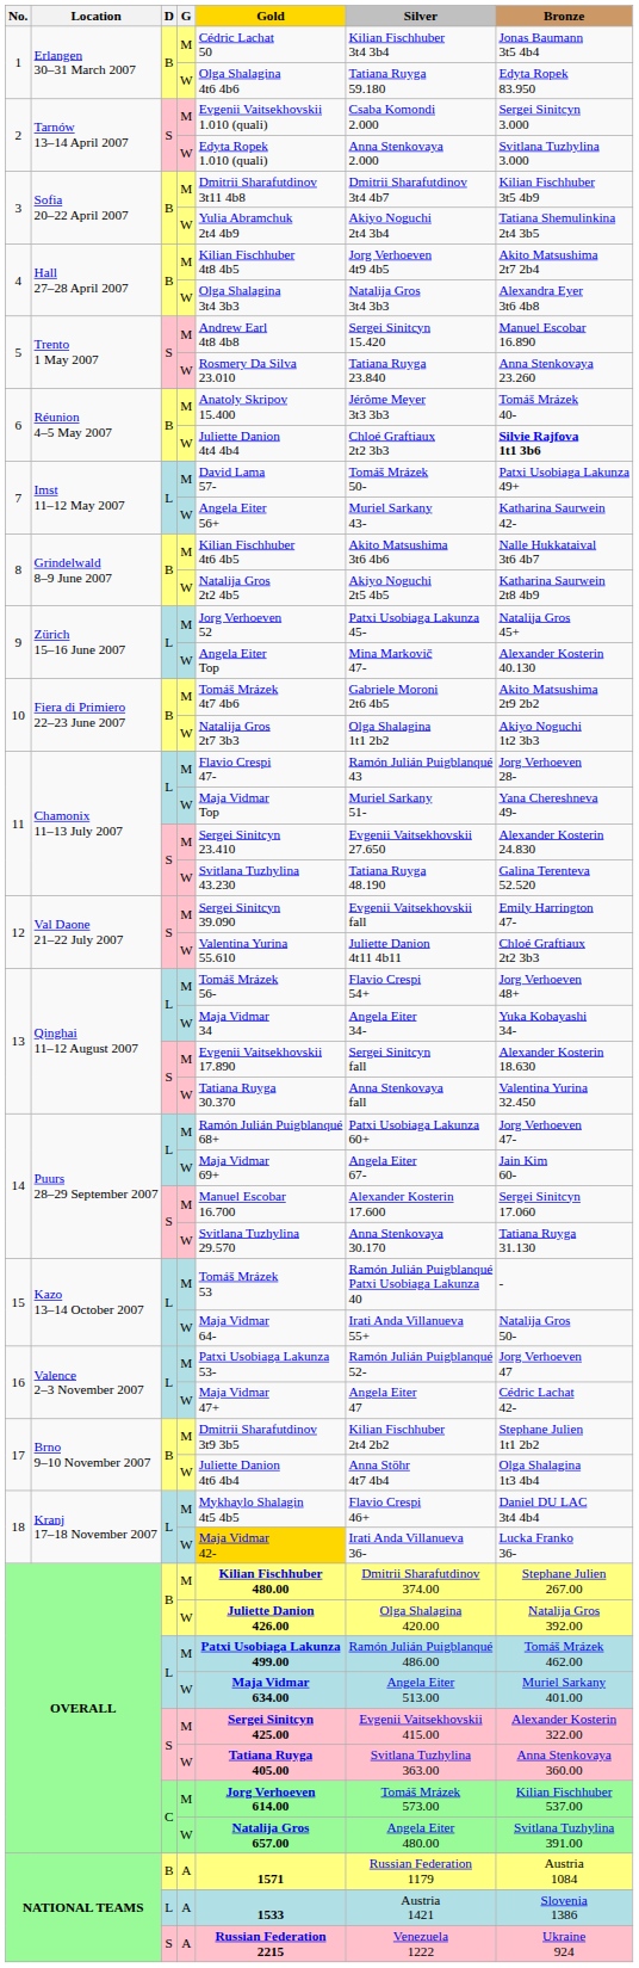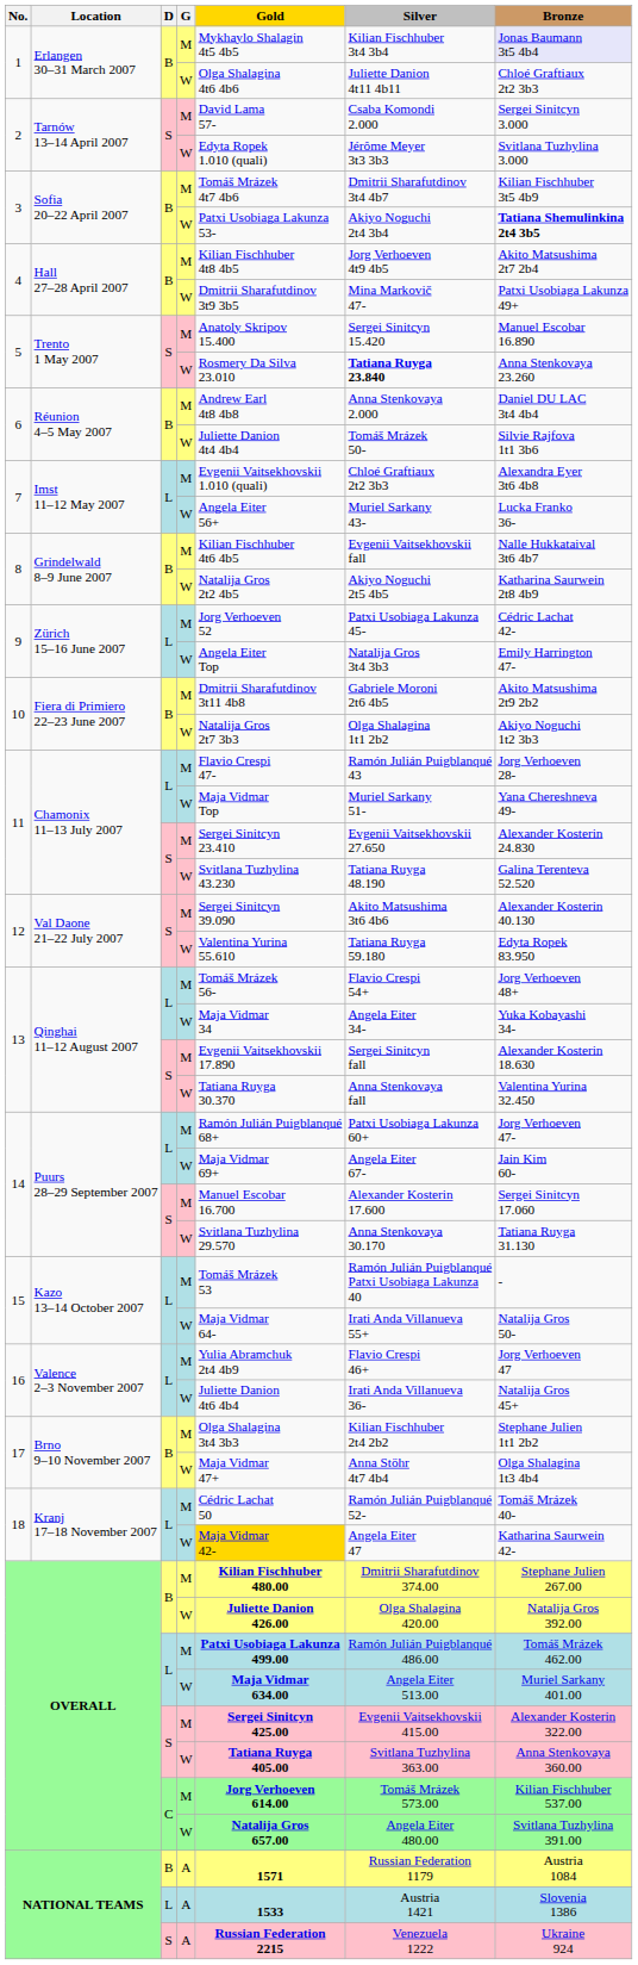 <table class="wikitable sortable">
 <tr>
 <th>No.</th>
 <th>Location</th>
 <th>D</th>
 <th>G</th>
 <th style="background: gold">Gold</th>
 <th style="background: silver">Silver</th>
 <th style="background: #cc9966">Bronze</th>
 </tr>
 <tr>
 <td rowspan=2 align="center">1</td>
 <td rowspan=2> <a href='#'>Erlangen</a> <br> 30–31 March 2007</td>
 <td rowspan=2 align="center" style="background: #ffff80">B</td>
 <td align="center" style="background: #ffff80">M</td>
-<td> <a href='#'>Cédric Lachat</a> <br> 50</td>
+<td> <a href='#'>Mykhaylo Shalagin</a> <br> 4t5 4b5</td>
 <td> <a href='#'>Kilian Fischhuber</a> <br> 3t4 3b4</td>
-<td> <a href='#'>Jonas Baumann</a> <br> 3t5 4b4</td>
+<td style="background: lavender;"> <a href='#'>Jonas Baumann</a> <br> 3t5 4b4</td>
 </tr>
 <tr>
 <td align="center" style="background: #ffff80">W</td>
 <td> <a href='#'>Olga Shalagina</a> <br> 4t6 4b6</td>
-<td> <a href='#'>Tatiana Ruyga</a> <br> 59.180</td>
-<td> <a href='#'>Edyta Ropek</a> <br> 83.950</td>
+<td> <a href='#'>Juliette Danion</a> <br> 4t11 4b11</td>
+<td> <a href='#'>Chloé Graftiaux</a> <br> 2t2 3b3</td>
 </tr>
 <tr>
 <td rowspan=2 align="center">2</td>
 <td rowspan=2> <a href='#'>Tarnów</a> <br> 13–14 April 2007</td>
 <td rowspan=2 align="center" style="background: Pink">S</td>
 <td align="center" style="background: Pink">M</td>
-<td> <a href='#'>Evgenii Vaitsekhovskii</a> <br> 1.010 (quali)</td>
+<td> <a href='#'>David Lama</a> <br> 57-</td>
 <td> <a href='#'>Csaba Komondi</a> <br> 2.000</td>
 <td> <a href='#'>Sergei Sinitcyn</a> <br> 3.000</td>
 </tr>
 <tr>
 <td align="center" style="background: Pink">W</td>
 <td> <a href='#'>Edyta Ropek</a> <br> 1.010 (quali)</td>
-<td> <a href='#'>Anna Stenkovaya</a> <br> 2.000</td>
+<td> <a href='#'>Jérôme Meyer</a> <br> 3t3 3b3</td>
 <td> <a href='#'>Svitlana Tuzhylina</a> <br> 3.000</td>
 </tr>
 <tr>
 <td rowspan=2 align="center">3</td>
 <td rowspan=2> <a href='#'>Sofia</a> <br> 20–22 April 2007</td>
 <td rowspan=2  align="center" style="background: #ffff80">B</td>
 <td align="center" style="background: #ffff80">M</td>
-<td> <a href='#'>Dmitrii Sharafutdinov</a> <br> 3t11 4b8</td>
+<td> <a href='#'>Tomáš Mrázek</a> <br> 4t7 4b6</td>
 <td> <a href='#'>Dmitrii Sharafutdinov</a> <br> 3t4 4b7</td>
 <td> <a href='#'>Kilian Fischhuber</a> <br> 3t5 4b9</td>
 </tr>
 <tr>
 <td align="center" style="background: #ffff80">W</td>
-<td> <a href='#'>Yulia Abramchuk</a> <br> 2t4 4b9</td>
+<td> <a href='#'>Patxi Usobiaga Lakunza</a> <br> 53-</td>
 <td> <a href='#'>Akiyo Noguchi</a> <br> 2t4 3b4</td>
-<td> <a href='#'>Tatiana Shemulinkina</a> <br> 2t4 3b5</td>
+<td><strong> <a href='#'>Tatiana Shemulinkina</a> <br> 2t4 3b5</strong></td>
 </tr>
 <tr>
 <td rowspan=2 align="center">4</td>
 <td rowspan=2> <a href='#'>Hall</a> <br> 27–28 April 2007</td>
 <td rowspan=2 align="center" style="background: #ffff80">B</td>
 <td align="center" style="background: #ffff80">M</td>
 <td> <a href='#'>Kilian Fischhuber</a> <br> 4t8 4b5</td>
 <td> <a href='#'>Jorg Verhoeven</a> <br> 4t9 4b5</td>
 <td> <a href='#'>Akito Matsushima</a> <br> 2t7 2b4</td>
 </tr>
 <tr>
 <td align="center" style="background: #ffff80">W</td>
-<td> <a href='#'>Olga Shalagina</a> <br> 3t4 3b3</td>
-<td> <a href='#'>Natalija Gros</a> <br> 3t4 3b3</td>
-<td> <a href='#'>Alexandra Eyer</a> <br> 3t6 4b8</td>
+<td> <a href='#'>Dmitrii Sharafutdinov</a> <br> 3t9 3b5</td>
+<td> <a href='#'>Mina Markovič</a> <br> 47-</td>
+<td> <a href='#'>Patxi Usobiaga Lakunza</a> <br> 49+</td>
 </tr>
 <tr>
 <td rowspan=2 align="center">5</td>
 <td rowspan=2> <a href='#'>Trento</a> <br> 1 May 2007</td>
 <td rowspan=2 align="center" style="background: Pink">S</td>
 <td align="center" style="background: Pink">M</td>
-<td> <a href='#'>Andrew Earl</a> <br> 4t8 4b8</td>
+<td> <a href='#'>Anatoly Skripov</a> <br> 15.400</td>
 <td> <a href='#'>Sergei Sinitcyn</a> <br> 15.420</td>
 <td> <a href='#'>Manuel Escobar</a> <br> 16.890</td>
 </tr>
 <tr>
 <td align="center" style="background: Pink">W</td>
 <td> <a href='#'>Rosmery Da Silva</a> <br> 23.010</td>
-<td> <a href='#'>Tatiana Ruyga</a> <br> 23.840</td>
+<td><strong> <a href='#'>Tatiana Ruyga</a> <br> 23.840</strong></td>
 <td> <a href='#'>Anna Stenkovaya</a> <br> 23.260</td>
 </tr>
 <tr>
 <td rowspan=2 align="center">6</td>
 <td rowspan=2> <a href='#'>Réunion</a> <br> 4–5 May 2007</td>
 <td rowspan=2  align="center" style="background: #ffff80">B</td>
 <td align="center" style="background: #ffff80">M</td>
-<td> <a href='#'>Anatoly Skripov</a> <br> 15.400</td>
-<td> <a href='#'>Jérôme Meyer</a> <br> 3t3 3b3</td>
-<td> <a href='#'>Tomáš Mrázek</a> <br> 40-</td>
+<td> <a href='#'>Andrew Earl</a> <br> 4t8 4b8</td>
+<td> <a href='#'>Anna Stenkovaya</a> <br> 2.000</td>
+<td> <a href='#'>Daniel DU LAC</a> <br> 3t4 4b4</td>
 </tr>
 <tr>
 <td align="center" style="background: #ffff80">W</td>
 <td> <a href='#'>Juliette Danion</a> <br> 4t4 4b4</td>
-<td> <a href='#'>Chloé Graftiaux</a> <br> 2t2 3b3</td>
-<td><strong> <a href='#'>Silvie Rajfova</a> <br> 1t1 3b6</strong></td>
+<td> <a href='#'>Tomáš Mrázek</a> <br> 50-</td>
+<td> <a href='#'>Silvie Rajfova</a> <br> 1t1 3b6</td>
 </tr>
 <tr>
 <td rowspan=2 align="center">7</td>
 <td rowspan=2> <a href='#'>Imst</a> <br> 11–12 May 2007</td>
 <td rowspan=2 align="center" style="background: PowderBlue">L</td>
 <td align="center" style="background: PowderBlue">M</td>
-<td> <a href='#'>David Lama</a> <br> 57-</td>
-<td> <a href='#'>Tomáš Mrázek</a> <br> 50-</td>
-<td> <a href='#'>Patxi Usobiaga Lakunza</a> <br> 49+</td>
+<td> <a href='#'>Evgenii Vaitsekhovskii</a> <br> 1.010 (quali)</td>
+<td> <a href='#'>Chloé Graftiaux</a> <br> 2t2 3b3</td>
+<td> <a href='#'>Alexandra Eyer</a> <br> 3t6 4b8</td>
 </tr>
 <tr>
 <td align="center" style="background: PowderBlue">W</td>
 <td> <a href='#'>Angela Eiter</a> <br> 56+</td>
 <td> <a href='#'>Muriel Sarkany</a> <br> 43-</td>
-<td> <a href='#'>Katharina Saurwein</a> <br> 42-</td>
+<td> <a href='#'>Lucka Franko</a> <br> 36-</td>
 </tr>
 <tr>
 <td rowspan=2 align="center">8</td>
 <td rowspan=2> <a href='#'>Grindelwald</a> <br> 8–9 June 2007</td>
 <td rowspan=2 align="center" style="background: #ffff80">B</td>
 <td align="center" style="background: #ffff80">M</td>
 <td> <a href='#'>Kilian Fischhuber</a> <br> 4t6 4b5</td>
-<td> <a href='#'>Akito Matsushima</a> <br> 3t6 4b6</td>
+<td> <a href='#'>Evgenii Vaitsekhovskii</a> <br> fall</td>
 <td> <a href='#'>Nalle Hukkataival</a> <br> 3t6 4b7</td>
 </tr>
 <tr>
 <td align="center" style="background: #ffff80">W</td>
 <td> <a href='#'>Natalija Gros</a> <br> 2t2 4b5</td>
 <td> <a href='#'>Akiyo Noguchi</a> <br> 2t5 4b5</td>
 <td> <a href='#'>Katharina Saurwein</a> <br> 2t8 4b9</td>
 </tr>
 <tr>
 <td rowspan=2 align="center">9</td>
 <td rowspan=2> <a href='#'>Zürich</a> <br> 15–16 June 2007</td>
 <td rowspan=2 align="center" style="background: PowderBlue">L</td>
 <td align="center" style="background: PowderBlue">M</td>
 <td> <a href='#'>Jorg Verhoeven</a> <br> 52</td>
 <td> <a href='#'>Patxi Usobiaga Lakunza</a> <br> 45-</td>
-<td> <a href='#'>Natalija Gros</a> <br> 45+</td>
+<td> <a href='#'>Cédric Lachat</a> <br> 42-</td>
 </tr>
 <tr>
 <td align="center" style="background: PowderBlue">W</td>
 <td> <a href='#'>Angela Eiter</a> <br> Top</td>
-<td> <a href='#'>Mina Markovič</a> <br> 47-</td>
-<td> <a href='#'>Alexander Kosterin</a> <br> 40.130</td>
+<td> <a href='#'>Natalija Gros</a> <br> 3t4 3b3</td>
+<td> <a href='#'>Emily Harrington</a> <br> 47-</td>
 </tr>
 <tr>
 <td rowspan=2 align="center">10</td>
 <td rowspan=2> <a href='#'>Fiera di Primiero</a> <br> 22–23 June 2007</td>
 <td rowspan=2 align="center" style="background: #ffff80">B</td>
 <td align="center" style="background: #ffff80">M</td>
-<td> <a href='#'>Tomáš Mrázek</a> <br> 4t7 4b6</td>
+<td> <a href='#'>Dmitrii Sharafutdinov</a> <br> 3t11 4b8</td>
 <td> <a href='#'>Gabriele Moroni</a> <br> 2t6 4b5</td>
 <td> <a href='#'>Akito Matsushima</a> <br> 2t9 2b2</td>
 </tr>
 <tr>
 <td align="center" style="background: #ffff80">W</td>
 <td> <a href='#'>Natalija Gros</a> <br> 2t7 3b3</td>
 <td> <a href='#'>Olga Shalagina</a> <br> 1t1 2b2</td>
 <td> <a href='#'>Akiyo Noguchi</a> <br> 1t2 3b3</td>
 </tr>
 <tr>
 <td rowspan=4 align="center">11</td>
 <td rowspan=4> <a href='#'>Chamonix</a> <br> 11–13 July 2007</td>
 <td rowspan=2 align="center" style="background: PowderBlue">L</td>
 <td align="center" style="background: PowderBlue">M</td>
 <td> <a href='#'>Flavio Crespi</a> <br> 47-</td>
 <td> <a href='#'>Ramón Julián Puigblanqué</a> <br> 43</td>
 <td> <a href='#'>Jorg Verhoeven</a> <br> 28-</td>
 </tr>
 <tr>
 <td align="center" style="background: PowderBlue">W</td>
 <td> <a href='#'>Maja Vidmar</a> <br> Top</td>
 <td> <a href='#'>Muriel Sarkany</a> <br> 51-</td>
 <td> <a href='#'>Yana Chereshneva</a> <br> 49-</td>
 </tr>
 <tr>
 <td rowspan=2 align="center" style="background: Pink">S</td>
 <td align="center" style="background: Pink">M</td>
 <td> <a href='#'>Sergei Sinitcyn</a> <br> 23.410</td>
 <td> <a href='#'>Evgenii Vaitsekhovskii</a> <br> 27.650</td>
 <td> <a href='#'>Alexander Kosterin</a> <br> 24.830</td>
 </tr>
 <tr>
 <td align="center" style="background: Pink">W</td>
 <td> <a href='#'>Svitlana Tuzhylina</a> <br> 43.230</td>
 <td> <a href='#'>Tatiana Ruyga</a> <br> 48.190</td>
 <td> <a href='#'>Galina Terenteva</a> <br> 52.520</td>
 </tr>
 <tr>
 <td rowspan=2 align="center">12</td>
 <td rowspan=2> <a href='#'>Val Daone</a> <br> 21–22 July 2007</td>
 <td rowspan=2 align="center" style="background: Pink">S</td>
 <td align="center" style="background: Pink">M</td>
 <td> <a href='#'>Sergei Sinitcyn</a> <br> 39.090</td>
-<td> <a href='#'>Evgenii Vaitsekhovskii</a> <br> fall</td>
-<td> <a href='#'>Emily Harrington</a> <br> 47-</td>
+<td> <a href='#'>Akito Matsushima</a> <br> 3t6 4b6</td>
+<td> <a href='#'>Alexander Kosterin</a> <br> 40.130</td>
 </tr>
 <tr>
 <td align="center" style="background: Pink">W</td>
 <td> <a href='#'>Valentina Yurina</a> <br> 55.610</td>
-<td> <a href='#'>Juliette Danion</a> <br> 4t11 4b11</td>
-<td> <a href='#'>Chloé Graftiaux</a> <br> 2t2 3b3</td>
+<td> <a href='#'>Tatiana Ruyga</a> <br> 59.180</td>
+<td> <a href='#'>Edyta Ropek</a> <br> 83.950</td>
 </tr>
 <tr>
 <td rowspan=4 align="center">13</td>
 <td rowspan=4> <a href='#'>Qinghai</a> <br> 11–12 August 2007</td>
 <td rowspan=2 align="center" style="background: PowderBlue">L</td>
 <td align="center" style="background: PowderBlue">M</td>
 <td> <a href='#'>Tomáš Mrázek</a> <br> 56-</td>
 <td> <a href='#'>Flavio Crespi</a> <br> 54+</td>
 <td> <a href='#'>Jorg Verhoeven</a> <br> 48+</td>
 </tr>
 <tr>
 <td align="center" style="background: PowderBlue">W</td>
 <td> <a href='#'>Maja Vidmar</a> <br> 34</td>
 <td> <a href='#'>Angela Eiter</a> <br> 34-</td>
 <td> <a href='#'>Yuka Kobayashi</a> <br> 34-</td>
 </tr>
 <tr>
 <td rowspan=2 align="center" style="background: Pink">S</td>
 <td align="center" style="background: Pink">M</td>
 <td> <a href='#'>Evgenii Vaitsekhovskii</a> <br> 17.890</td>
 <td> <a href='#'>Sergei Sinitcyn</a> <br> fall</td>
 <td> <a href='#'>Alexander Kosterin</a> <br> 18.630</td>
 </tr>
 <tr>
 <td align="center" style="background: Pink">W</td>
 <td> <a href='#'>Tatiana Ruyga</a> <br> 30.370</td>
 <td> <a href='#'>Anna Stenkovaya</a> <br> fall</td>
 <td> <a href='#'>Valentina Yurina</a> <br> 32.450</td>
 </tr>
 <tr>
 <td rowspan=4 align="center">14</td>
 <td rowspan=4> <a href='#'>Puurs</a> <br> 28–29 September 2007</td>
 <td rowspan=2 align="center" style="background: PowderBlue">L</td>
 <td align="center" style="background: PowderBlue">M</td>
 <td> <a href='#'>Ramón Julián Puigblanqué</a> <br> 68+</td>
 <td> <a href='#'>Patxi Usobiaga Lakunza</a> <br> 60+</td>
 <td> <a href='#'>Jorg Verhoeven</a> <br> 47-</td>
 </tr>
 <tr>
 <td align="center" style="background: PowderBlue">W</td>
 <td> <a href='#'>Maja Vidmar</a> <br> 69+</td>
 <td> <a href='#'>Angela Eiter</a> <br> 67-</td>
 <td> <a href='#'>Jain Kim</a> <br> 60-</td>
 </tr>
 <tr>
 <td rowspan=2 align="center" style="background: Pink">S</td>
 <td align="center" style="background: Pink">M</td>
 <td> <a href='#'>Manuel Escobar</a> <br> 16.700</td>
 <td> <a href='#'>Alexander Kosterin</a> <br> 17.600</td>
 <td> <a href='#'>Sergei Sinitcyn</a> <br> 17.060</td>
 </tr>
 <tr>
 <td align="center" style="background: Pink">W</td>
 <td> <a href='#'>Svitlana Tuzhylina</a> <br> 29.570</td>
 <td> <a href='#'>Anna Stenkovaya</a> <br> 30.170</td>
 <td> <a href='#'>Tatiana Ruyga</a> <br> 31.130</td>
 </tr>
 <tr>
 <td rowspan=2 align="center">15</td>
 <td rowspan=2> <a href='#'>Kazo</a> <br> 13–14 October 2007</td>
 <td rowspan=2 align="center" style="background: PowderBlue">L</td>
 <td align="center" style="background: PowderBlue">M</td>
 <td> <a href='#'>Tomáš Mrázek</a> <br> 53</td>
 <td> <a href='#'>Ramón Julián Puigblanqué</a> <br>  <a href='#'>Patxi Usobiaga Lakunza</a> <br> 40</td>
 <td>-</td>
 </tr>
 <tr>
 <td align="center" style="background: PowderBlue">W</td>
 <td> <a href='#'>Maja Vidmar</a> <br> 64-</td>
 <td> <a href='#'>Irati Anda Villanueva</a> <br> 55+</td>
 <td> <a href='#'>Natalija Gros</a> <br> 50-</td>
 </tr>
 <tr>
 <td rowspan=2 align="center">16</td>
 <td rowspan=2> <a href='#'>Valence</a> <br> 2–3 November 2007</td>
 <td rowspan=2 align="center" style="background: PowderBlue">L</td>
 <td align="center" style="background: PowderBlue">M</td>
-<td> <a href='#'>Patxi Usobiaga Lakunza</a> <br> 53-</td>
-<td> <a href='#'>Ramón Julián Puigblanqué</a> <br> 52-</td>
+<td> <a href='#'>Yulia Abramchuk</a> <br> 2t4 4b9</td>
+<td> <a href='#'>Flavio Crespi</a> <br> 46+</td>
 <td> <a href='#'>Jorg Verhoeven</a> <br> 47</td>
 </tr>
 <tr>
 <td align="center" style="background: PowderBlue">W</td>
-<td> <a href='#'>Maja Vidmar</a> <br> 47+</td>
-<td> <a href='#'>Angela Eiter</a> <br> 47</td>
-<td> <a href='#'>Cédric Lachat</a> <br> 42-</td>
+<td> <a href='#'>Juliette Danion</a> <br> 4t6 4b4</td>
+<td> <a href='#'>Irati Anda Villanueva</a> <br> 36-</td>
+<td> <a href='#'>Natalija Gros</a> <br> 45+</td>
 </tr>
 <tr>
 <td rowspan=2 align="center">17</td>
 <td rowspan=2> <a href='#'>Brno</a> <br> 9–10 November 2007</td>
 <td rowspan=2  align="center" style="background: #ffff80">B</td>
 <td align="center" style="background: #ffff80">M</td>
-<td> <a href='#'>Dmitrii Sharafutdinov</a> <br> 3t9 3b5</td>
+<td> <a href='#'>Olga Shalagina</a> <br> 3t4 3b3</td>
 <td> <a href='#'>Kilian Fischhuber</a> <br> 2t4 2b2</td>
 <td> <a href='#'>Stephane Julien</a> <br> 1t1 2b2</td>
 </tr>
 <tr>
 <td align="center" style="background: #ffff80">W</td>
-<td> <a href='#'>Juliette Danion</a> <br> 4t6 4b4</td>
+<td> <a href='#'>Maja Vidmar</a> <br> 47+</td>
 <td> <a href='#'>Anna Stöhr</a> <br> 4t7 4b4</td>
 <td> <a href='#'>Olga Shalagina</a> <br> 1t3 4b4</td>
 </tr>
 <tr>
 <td rowspan=2 align="center">18</td>
 <td rowspan=2> <a href='#'>Kranj</a> <br> 17–18 November 2007</td>
 <td rowspan=2 align="center" style="background: PowderBlue">L</td>
 <td align="center" style="background: PowderBlue">M</td>
-<td> <a href='#'>Mykhaylo Shalagin</a> <br> 4t5 4b5</td>
-<td> <a href='#'>Flavio Crespi</a> <br> 46+</td>
-<td> <a href='#'>Daniel DU LAC</a> <br> 3t4 4b4</td>
+<td> <a href='#'>Cédric Lachat</a> <br> 50</td>
+<td> <a href='#'>Ramón Julián Puigblanqué</a> <br> 52-</td>
+<td> <a href='#'>Tomáš Mrázek</a> <br> 40-</td>
 </tr>
 <tr>
 <td align="center" style="background: PowderBlue">W</td>
 <td style="background: gold;"> <a href='#'>Maja Vidmar</a> <br> 42-</td>
-<td> <a href='#'>Irati Anda Villanueva</a> <br> 36-</td>
-<td> <a href='#'>Lucka Franko</a> <br> 36-</td>
+<td> <a href='#'>Angela Eiter</a> <br> 47</td>
+<td> <a href='#'>Katharina Saurwein</a> <br> 42-</td>
 </tr>
 <tr>
 <td align="center" style="background:#98FB98" colspan=2 rowspan=8><strong>OVERALL</strong></td>
 <td rowspan=2 align="center" style="background: #ffff80">B</td>
 <td align="center" style="background: #ffff80">M</td>
 <td align="center" style="background: #ffff80"><strong> <a href='#'>Kilian Fischhuber</a> <br> 480.00</strong></td>
 <td align="center" style="background: #ffff80"> <a href='#'>Dmitrii Sharafutdinov</a> <br> 374.00</td>
 <td align="center" style="background: #ffff80"> <a href='#'>Stephane Julien</a> <br> 267.00</td>
 </tr>
 <tr>
 <td align="center" style="background: #ffff80">W</td>
 <td align="center" style="background: #ffff80"><strong> <a href='#'>Juliette Danion</a> <br> 426.00</strong></td>
 <td align="center" style="background: #ffff80"> <a href='#'>Olga Shalagina</a> <br> 420.00</td>
 <td align="center" style="background: #ffff80"> <a href='#'>Natalija Gros</a> <br> 392.00</td>
 </tr>
 <tr>
 <td rowspan=2 align="center" style="background: PowderBlue">L</td>
 <td align="center" style="background: PowderBlue">M</td>
 <td align="center" style="background: PowderBlue"><strong> <a href='#'>Patxi Usobiaga Lakunza</a> <br> 499.00</strong></td>
 <td align="center" style="background: PowderBlue"> <a href='#'>Ramón Julián Puigblanqué</a> <br> 486.00</td>
 <td align="center" style="background: PowderBlue"> <a href='#'>Tomáš Mrázek</a> <br> 462.00</td>
 </tr>
 <tr>
 <td align="center" style="background: PowderBlue">W</td>
 <td align="center" style="background: PowderBlue"><strong> <a href='#'>Maja Vidmar</a> <br> 634.00</strong></td>
 <td align="center" style="background: PowderBlue"> <a href='#'>Angela Eiter</a> <br> 513.00</td>
 <td align="center" style="background: PowderBlue"> <a href='#'>Muriel Sarkany</a> <br> 401.00</td>
 </tr>
 <tr>
 <td rowspan=2 align="center" style="background: Pink">S</td>
 <td align="center" style="background: Pink">M</td>
 <td align="center" style="background: Pink"><strong> <a href='#'>Sergei Sinitcyn</a> <br> 425.00</strong></td>
 <td align="center" style="background: Pink"> <a href='#'>Evgenii Vaitsekhovskii</a> <br> 415.00</td>
 <td align="center" style="background: Pink"> <a href='#'>Alexander Kosterin</a> <br> 322.00</td>
 </tr>
 <tr>
 <td align="center" style="background: Pink">W</td>
 <td align="center" style="background: Pink"><strong> <a href='#'>Tatiana Ruyga</a> <br> 405.00</strong></td>
 <td align="center" style="background: Pink"> <a href='#'>Svitlana Tuzhylina</a> <br> 363.00</td>
 <td align="center" style="background: Pink"> <a href='#'>Anna Stenkovaya</a> <br> 360.00</td>
 </tr>
 <tr>
 <td rowspan=2 align="center" style="background:#98FB98">C</td>
 <td align="center" style="background:#98FB98">M</td>
 <td align="center" style="background:#98FB98"><strong> <a href='#'>Jorg Verhoeven</a> <br> 614.00</strong></td>
 <td align="center" style="background:#98FB98"> <a href='#'>Tomáš Mrázek</a> <br> 573.00</td>
 <td align="center" style="background:#98FB98"> <a href='#'>Kilian Fischhuber</a> <br> 537.00</td>
 </tr>
 <tr>
 <td align="center" style="background:#98FB98">W</td>
 <td align="center" style="background:#98FB98"><strong> <a href='#'>Natalija Gros</a> <br> 657.00</strong></td>
 <td align="center" style="background:#98FB98"> <a href='#'>Angela Eiter</a> <br> 480.00</td>
 <td align="center" style="background:#98FB98"> <a href='#'>Svitlana Tuzhylina</a> <br> 391.00</td>
 </tr>
 <tr>
 <td align="center" style="background:#98FB98" colspan=2 rowspan=3><strong> NATIONAL TEAMS</strong></td>
 <td align="center" style="background: #ffff80">B</td>
 <td align="center" style="background: #ffff80">A</td>
 <td align="center" style="background: #ffff80"><strong> <br> 1571</strong></td>
 <td align="center" style="background: #ffff80"> <a href='#'>Russian Federation</a> <br> 1179</td>
 <td align="center" style="background: #ffff80"> Austria <br> 1084</td>
 </tr>
 <tr>
 <td align="center" style="background: PowderBlue">L</td>
 <td align="center" style="background: PowderBlue">A</td>
 <td align="center" style="background: PowderBlue"><strong> <br> 1533</strong></td>
 <td align="center" style="background: PowderBlue"> Austria <br> 1421</td>
 <td align="center" style="background: PowderBlue"> <a href='#'>Slovenia</a> <br> 1386</td>
 </tr>
 <tr>
 <td align="center" style="background: Pink">S</td>
 <td align="center" style="background: Pink">A</td>
 <td align="center" style="background: Pink"><strong> <a href='#'>Russian Federation</a> <br> 2215</strong></td>
 <td align="center" style="background: Pink"> <a href='#'>Venezuela</a> <br> 1222</td>
 <td align="center" style="background: Pink"> <a href='#'>Ukraine</a> <br> 924</td>
 </tr>
 </table>
